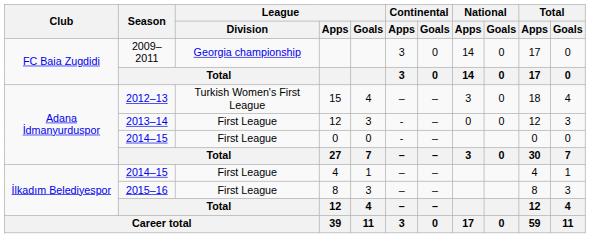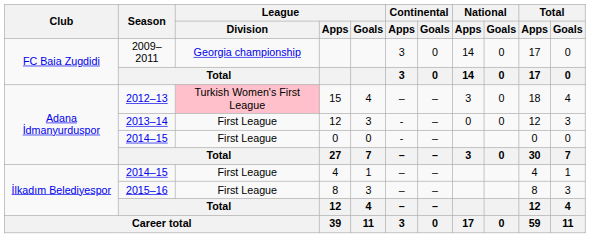 <table class="wikitable" style="text-align: center;">
 <tr>
 <th rowspan=2>Club</th>
 <th rowspan=2>Season</th>
 <th colspan=3>League</th>
 <th colspan=2>Continental</th>
 <th colspan=2>National</th>
 <th colspan=2>Total</th>
 </tr>
 <tr>
 <th>Division</th>
 <th>Apps</th>
 <th>Goals</th>
 <th>Apps</th>
 <th>Goals</th>
 <th>Apps</th>
 <th>Goals</th>
 <th>Apps</th>
 <th>Goals</th>
 </tr>
 <tr>
 <td rowspan=2><a href='#'>FC Baia Zugdidi</a></td>
 <td>2009–2011</td>
 <td><a href='#'>Georgia championship</a></td>
 <td></td>
 <td></td>
 <td>3</td>
 <td>0</td>
 <td>14</td>
 <td>0</td>
 <td>17</td>
 <td>0</td>
 </tr>
 <tr>
 <th colspan=2>Total</th>
 <th></th>
 <th></th>
 <th>3</th>
 <th>0</th>
 <th>14</th>
 <th>0</th>
 <th>17</th>
 <th>0</th>
 </tr>
 <tr>
 <td rowspan=4><a href='#'>Adana İdmanyurduspor</a></td>
 <td><a href='#'>2012–13</a></td>
-<td>Turkish Women's First League</td>
+<td style="background: pink;">Turkish Women's First League</td>
 <td>15</td>
 <td>4</td>
 <td>–</td>
 <td>–</td>
 <td>3</td>
 <td>0</td>
 <td>18</td>
 <td>4</td>
 </tr>
 <tr>
 <td><a href='#'>2013–14</a></td>
 <td>First League</td>
 <td>12</td>
 <td>3</td>
 <td>-</td>
 <td>–</td>
 <td>0</td>
 <td>0</td>
 <td>12</td>
 <td>3</td>
 </tr>
 <tr>
 <td><a href='#'>2014–15</a></td>
 <td>First League</td>
 <td>0</td>
 <td>0</td>
 <td>-</td>
 <td>–</td>
 <td></td>
 <td></td>
 <td>0</td>
 <td>0</td>
 </tr>
 <tr>
 <th colspan=2>Total</th>
 <th>27</th>
 <th>7</th>
 <th>–</th>
 <th>–</th>
 <th>3</th>
 <th>0</th>
 <th>30</th>
 <th>7</th>
 </tr>
 <tr>
 <td rowspan=3><a href='#'>İlkadım Belediyespor</a></td>
 <td><a href='#'>2014–15</a></td>
 <td>First League</td>
 <td>4</td>
 <td>1</td>
 <td>–</td>
 <td>–</td>
 <td></td>
 <td></td>
 <td>4</td>
 <td>1</td>
 </tr>
 <tr>
 <td><a href='#'>2015–16</a></td>
 <td>First League</td>
 <td>8</td>
 <td>3</td>
 <td>–</td>
 <td>–</td>
 <td></td>
 <td></td>
 <td>8</td>
 <td>3</td>
 </tr>
 <tr>
 <th colspan=2>Total</th>
 <th>12</th>
 <th>4</th>
 <th>–</th>
 <th>–</th>
 <th></th>
 <th></th>
 <th>12</th>
 <th>4</th>
 </tr>
 <tr>
 <th colspan=3>Career total</th>
 <th>39</th>
 <th>11</th>
 <th>3</th>
 <th>0</th>
 <th>17</th>
 <th>0</th>
 <th>59</th>
 <th>11</th>
 </tr>
 </table>
